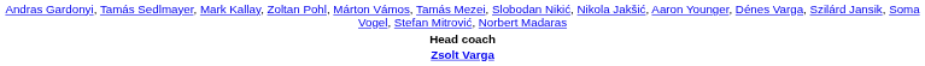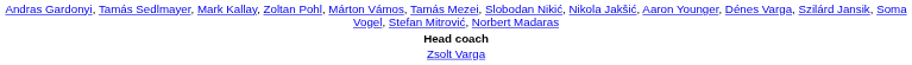 <table style="text-align: center; margin-top: 2em; margin-left: auto; margin-right: auto">
 <tr>
 <td><a href='#'>Andras Gardonyi</a>, <a href='#'>Tamás Sedlmayer</a>, <a href='#'>Mark Kallay</a>, <a href='#'>Zoltan Pohl</a>, <a href='#'>Márton Vámos</a>, <a href='#'>Tamás Mezei</a>, <a href='#'>Slobodan Nikić</a>, <a href='#'>Nikola Jakšić</a>, <a href='#'>Aaron Younger</a>, <a href='#'>Dénes Varga</a>, <a href='#'>Szilárd Jansik</a>, <a href='#'>Soma Vogel</a>, <a href='#'>Stefan Mitrović</a>, <a href='#'>Norbert Madaras</a></td>
 </tr>
 <tr>
 <td><strong>Head coach</strong></td>
 </tr>
 <tr>
-<td><strong><a href='#'>Zsolt Varga</a></strong></td>
+<td><a href='#'>Zsolt Varga</a></td>
 </tr>
 </table>
